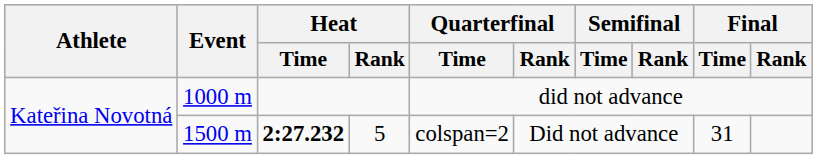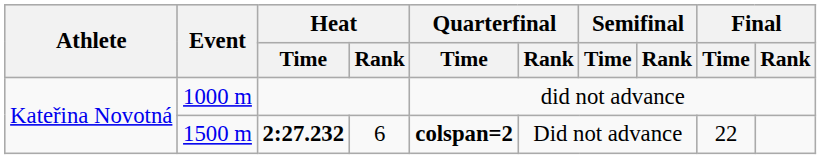 <table class="wikitable" style="font-size:90%">
 <tr>
 <th rowspan=2>Athlete</th>
 <th rowspan=2>Event</th>
 <th colspan=2>Heat</th>
 <th colspan=2>Quarterfinal</th>
 <th colspan=2>Semifinal</th>
 <th colspan=2>Final</th>
 </tr>
 <tr style="font-size:95%">
 <th>Time</th>
 <th>Rank</th>
 <th>Time</th>
 <th>Rank</th>
 <th>Time</th>
 <th>Rank</th>
 <th>Time</th>
 <th>Rank</th>
 </tr>
 <tr align=center>
 <td align=left rowspan=2><a href='#'>Kateřina Novotná</a></td>
 <td align=left><a href='#'>1000 m</a></td>
 <td colspan=2></td>
 <td colspan=6>did not advance</td>
 </tr>
 <tr align=center>
 <td align=left><a href='#'>1500 m</a></td>
 <td><strong>2:27.232</strong></td>
-<td>5</td>
-<td>colspan=2 </td>
+<td>6</td>
+<td><strong>colspan=2 </strong></td>
 <td colspan=3>Did not advance</td>
-<td>31</td>
+<td>22</td>
 </tr>
 </table>
